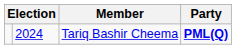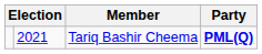 <table class="wikitable">
 <tr>
 <th colspan="2">Election</th>
 <th>Member</th>
 <th>Party</th>
 </tr>
 <tr>
 <td style="background-color: "></td>
-<td><a href='#'>2024</a></td>
+<td><a href='#'>2021</a></td>
 <td><a href='#'>Tariq Bashir Cheema</a></td>
 <td><strong><a href='#'>PML(Q)</a></strong></td>
 </tr>
 </table>
